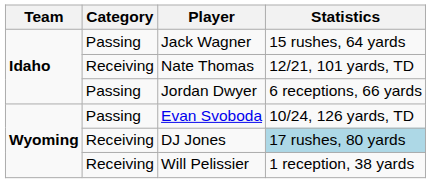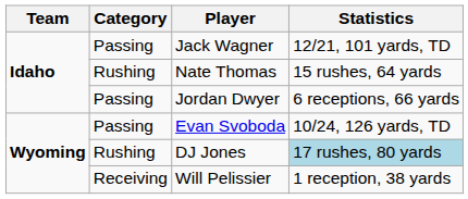 <table class="wikitable" style="float: right;">
 <tr>
 <th>Team</th>
 <th>Category</th>
 <th>Player</th>
 <th>Statistics</th>
 </tr>
 <tr>
 <td rowspan=3><strong>Idaho</strong></td>
 <td>Passing</td>
 <td>Jack Wagner</td>
-<td>15 rushes, 64 yards</td>
+<td>12/21, 101 yards, TD</td>
 </tr>
 <tr>
-<td>Receiving</td>
+<td>Rushing</td>
 <td>Nate Thomas</td>
-<td>12/21, 101 yards, TD</td>
+<td>15 rushes, 64 yards</td>
 </tr>
 <tr>
 <td>Passing</td>
 <td>Jordan Dwyer</td>
 <td>6 receptions, 66 yards</td>
 </tr>
 <tr>
 <td rowspan=3><strong>Wyoming</strong></td>
 <td>Passing</td>
 <td><a href='#'>Evan Svoboda</a></td>
 <td>10/24, 126 yards, TD</td>
 </tr>
 <tr>
-<td>Receiving</td>
+<td>Rushing</td>
 <td>DJ Jones</td>
 <td style="background: lightblue;">17 rushes, 80 yards</td>
 </tr>
 <tr>
 <td>Receiving</td>
 <td>Will Pelissier</td>
 <td>1 reception, 38 yards</td>
 </tr>
 </table>
